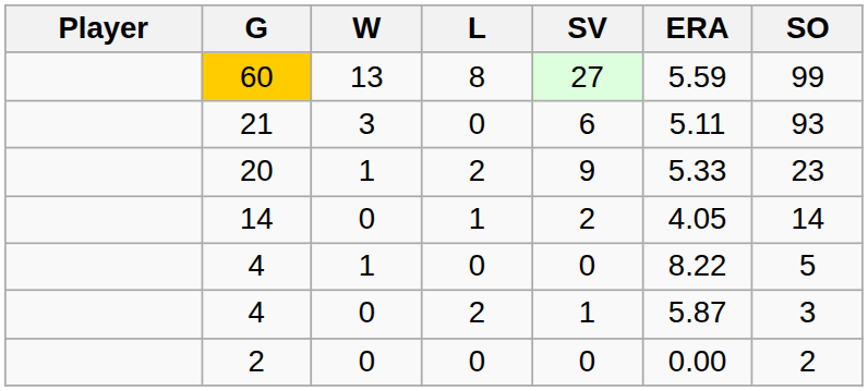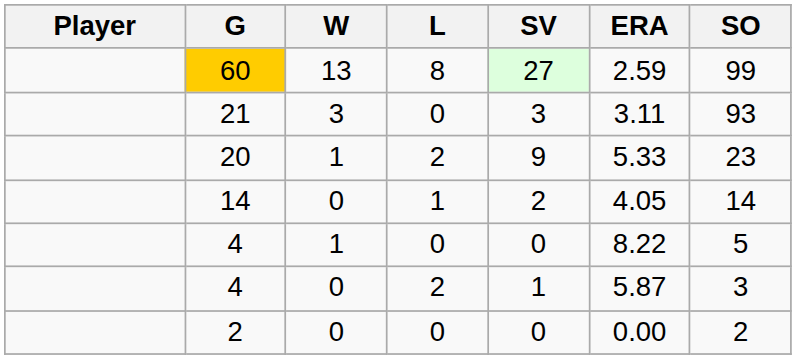 <table class="wikitable sortable">
 <tr>
 <th bgcolor="#DDDDFF" width="16%">Player</th>
 <th bgcolor="#DDDDFF" width="9%">G</th>
 <th bgcolor="#DDDDFF" width="9%">W</th>
 <th bgcolor="#DDDDFF" width="9%">L</th>
 <th bgcolor="#DDDDFF" width="9%">SV</th>
 <th bgcolor="#DDDDFF" width="9%">ERA</th>
 <th bgcolor="#DDDDFF" width="9%">SO</th>
 </tr>
 <tr align="center">
 <td></td>
 <td style="background:#fc0;">60</td>
 <td>13</td>
 <td>8</td>
 <td style="background:#DDFFDD;">27</td>
-<td>5.59</td>
+<td>2.59</td>
 <td>99</td>
 </tr>
 <tr align="center">
 <td></td>
 <td>21</td>
 <td>3</td>
 <td>0</td>
-<td>6</td>
-<td>5.11</td>
+<td>3</td>
+<td>3.11</td>
 <td>93</td>
 </tr>
 <tr align="center">
 <td></td>
 <td>20</td>
 <td>1</td>
 <td>2</td>
 <td>9</td>
 <td>5.33</td>
 <td>23</td>
 </tr>
 <tr align="center">
 <td></td>
 <td>14</td>
 <td>0</td>
 <td>1</td>
 <td>2</td>
 <td>4.05</td>
 <td>14</td>
 </tr>
 <tr align="center">
 <td></td>
 <td>4</td>
 <td>1</td>
 <td>0</td>
 <td>0</td>
 <td>8.22</td>
 <td>5</td>
 </tr>
 <tr align="center">
 <td></td>
 <td>4</td>
 <td>0</td>
 <td>2</td>
 <td>1</td>
 <td>5.87</td>
 <td>3</td>
 </tr>
 <tr align="center">
 <td></td>
 <td>2</td>
 <td>0</td>
 <td>0</td>
 <td>0</td>
 <td>0.00</td>
 <td>2</td>
 </tr>
 </table>
